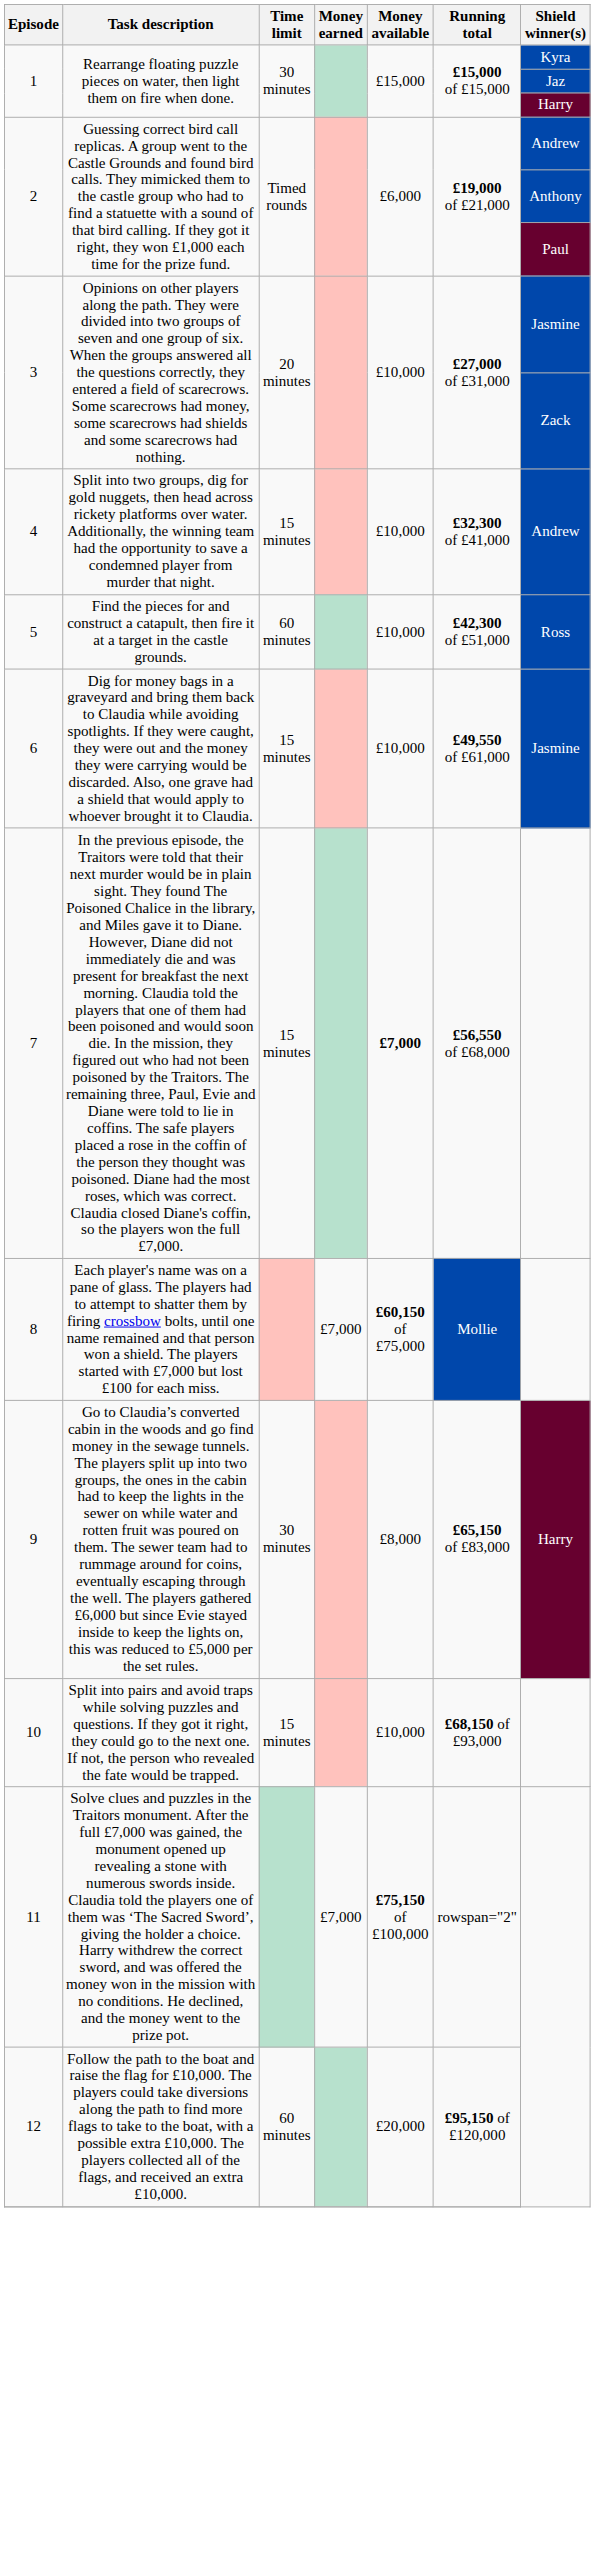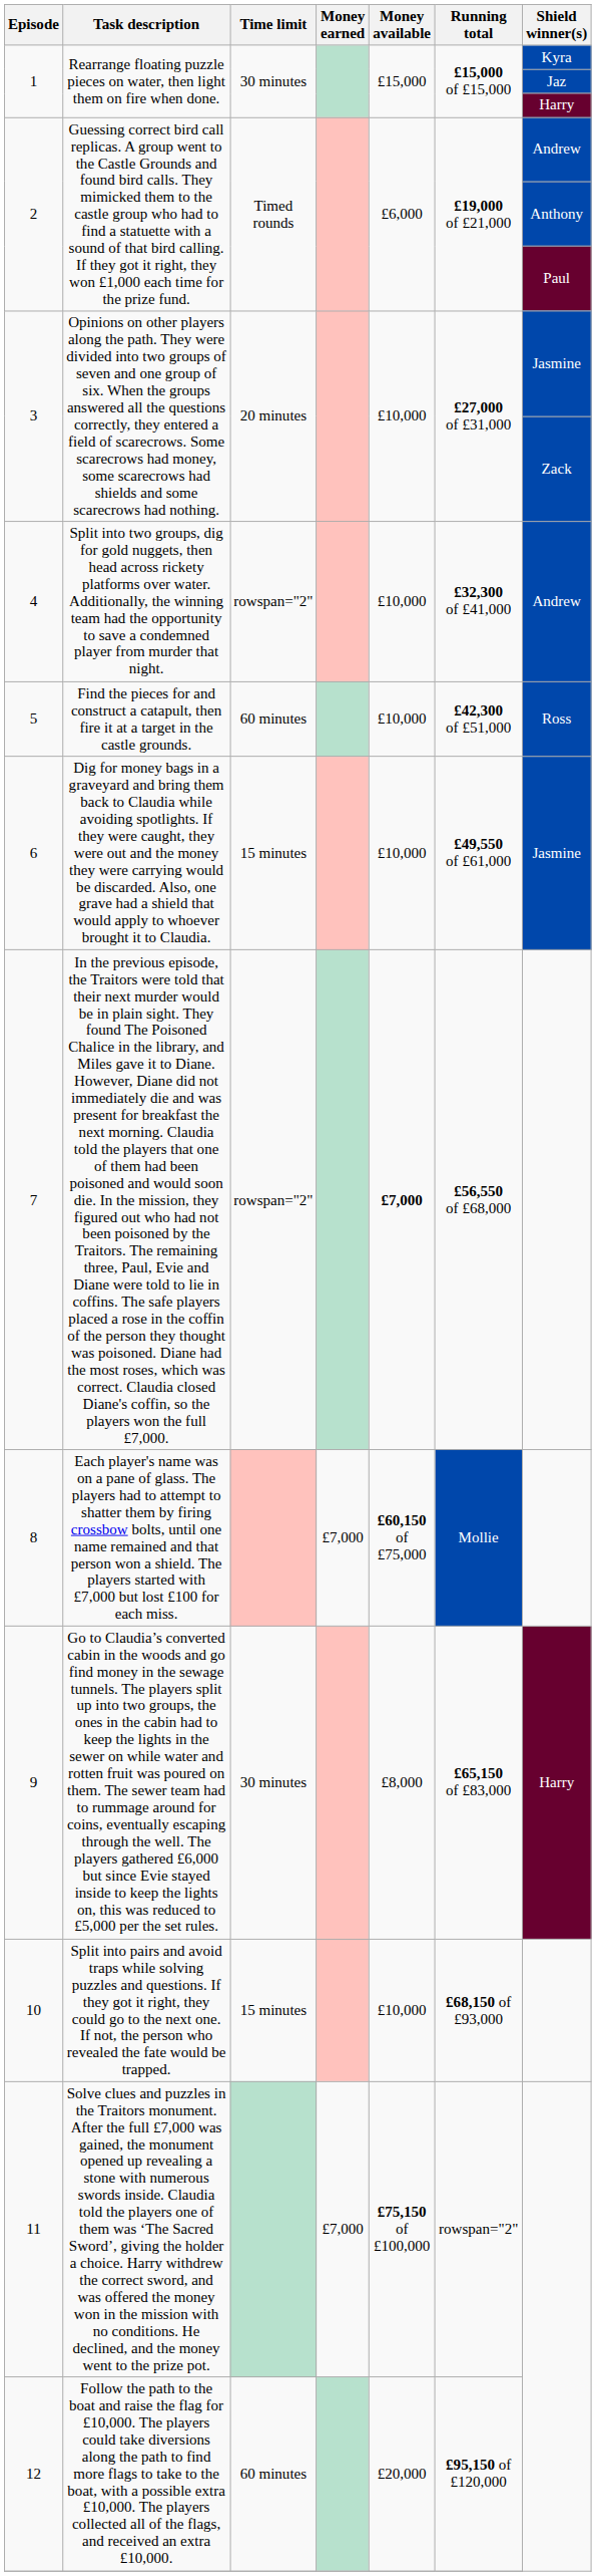 <table class="wikitable" style="margin:auto; text-align:center">
 <tr>
 <th>Episode</th>
 <th>Task description</th>
 <th>Time limit</th>
 <th>Money earned</th>
 <th>Money available</th>
 <th>Running total</th>
 <th>Shield winner(s)</th>
 </tr>
 <tr>
 <td rowspan="3">1</td>
 <td rowspan="3">Rearrange floating puzzle pieces on water, then light them on fire when done.</td>
 <td rowspan="3">30 minutes</td>
 <td style="background:#B7E1CD" align="center" rowspan="3"></td>
 <td rowspan="3">£15,000</td>
 <td rowspan="3"><strong>£15,000</strong><br>of £15,000</td>
 <td bgcolor="#0047AB" span style="color:#FFFFFF">Kyra</td>
 </tr>
 <tr>
 <td bgcolor="#0047AB" span style="color:#FFFFFF">Jaz</td>
 </tr>
 <tr>
 <td bgcolor="#67002F" span style="color:#FFFFFF">Harry</td>
 </tr>
 <tr>
 <td rowspan="3">2</td>
 <td rowspan="3">Guessing correct bird call replicas. A group went to the Castle Grounds and found bird calls. They mimicked them to the castle group who had to find a statuette with a sound of that bird calling. If they got it right, they won £1,000 each time for the prize fund.</td>
 <td rowspan="3">Timed rounds</td>
 <td style="background:#FFC2BD" align="center" rowspan="3"></td>
 <td rowspan="3">£6,000</td>
 <td rowspan="3"><strong>£19,000</strong><br>of £21,000</td>
 <td bgcolor="#0047AB" span style="color:#FFFFFF">Andrew</td>
 </tr>
 <tr>
 <td bgcolor="#0047AB" span style="color:#FFFFFF">Anthony</td>
 </tr>
 <tr>
 <td bgcolor="#67002F" span style="color:#FFFFFF">Paul</td>
 </tr>
 <tr>
 <td rowspan="2">3</td>
 <td rowspan="2">Opinions on other players along the path. They were divided into two groups of seven and one group of six. When the groups answered all the questions correctly, they entered a field of scarecrows. Some scarecrows had money, some scarecrows had shields and some scarecrows had nothing.</td>
 <td rowspan="2">20 minutes</td>
 <td style="background:#FFC2BD" align="center" rowspan="2"></td>
 <td rowspan="2">£10,000</td>
 <td rowspan="2"><strong>£27,000</strong><br>of £31,000</td>
 <td bgcolor="#0047AB" span style="color:#FFFFFF">Jasmine</td>
 </tr>
 <tr>
 <td bgcolor="#0047AB" span style="color:#FFFFFF">Zack</td>
 </tr>
 <tr>
 <td>4</td>
 <td>Split into two groups, dig for gold nuggets, then head across rickety platforms over water. Additionally, the winning team had the opportunity to save a condemned player from murder that night.</td>
-<td>15 minutes</td>
+<td>rowspan="2" </td>
 <td style="background:#FFC2BD" align="center"></td>
 <td>£10,000</td>
 <td><strong>£32,300</strong><br>of £41,000</td>
 <td bgcolor="#0047AB" span style="color:#FFFFFF">Andrew</td>
 </tr>
 <tr>
 <td>5</td>
 <td>Find the pieces for and construct a catapult, then fire it at a target in the castle grounds.</td>
 <td>60 minutes</td>
 <td style="background:#B7E1CD" align="center"></td>
 <td>£10,000</td>
 <td><strong>£42,300</strong><br>of £51,000</td>
 <td bgcolor="#0047AB" span style="color:#FFFFFF">Ross</td>
 </tr>
 <tr>
 <td>6</td>
 <td>Dig for money bags in a graveyard and bring them back to Claudia while avoiding spotlights. If they were caught, they were out and the money they were carrying would be discarded. Also, one grave had a shield that would apply to whoever brought it to Claudia.</td>
 <td>15 minutes</td>
 <td style="background:#FFC2BD" align="center"></td>
 <td>£10,000</td>
 <td><strong>£49,550</strong><br>of £61,000</td>
 <td bgcolor="#0047AB" span style="color:#FFFFFF">Jasmine</td>
 </tr>
 <tr>
 <td>7</td>
 <td>In the previous episode, the Traitors were told that their next murder would be in plain sight. They found The Poisoned Chalice in the library, and Miles gave it to Diane. However, Diane did not immediately die and was present for breakfast the next morning. Claudia told the players that one of them had been poisoned and would soon die. In the mission, they figured out who had not been poisoned by the Traitors. The remaining three, Paul, Evie and Diane were told to lie in coffins. The safe players placed a rose in the coffin of the person they thought was poisoned. Diane had the most roses, which was correct. Claudia closed Diane's coffin, so the players won the full £7,000.</td>
-<td>15 minutes</td>
+<td>rowspan="2" </td>
 <td style="background:#B7E1CD" align="center"></td>
 <td><strong>£7,000</strong></td>
 <td><strong>£56,550</strong><br> of £68,000</td>
 <td></td>
 </tr>
 <tr>
 <td>8</td>
 <td>Each player's name was on a pane of glass. The players had to attempt to shatter them by firing <a href='#'>crossbow</a> bolts, until one name remained and that person won a shield. The players started with £7,000 but lost £100 for each miss.</td>
 <td style="background:#FFC2BD" align="center"></td>
 <td>£7,000</td>
 <td><strong>£60,150</strong><br> of £75,000</td>
 <td bgcolor="#0047AB" span style="color:#FFFFFF">Mollie</td>
 </tr>
 <tr>
 <td>9</td>
 <td>Go to Claudia’s converted cabin in the woods and go find money in the sewage tunnels. The players split up into two groups, the ones in the cabin had to keep the lights in the sewer on while water and rotten fruit was poured on them. The sewer team had to rummage around for coins, eventually escaping through the well. The players gathered £6,000 but since Evie stayed inside to keep the lights on, this was reduced to £5,000 per the set rules.</td>
 <td>30 minutes</td>
 <td style="background:#FFC2BD" align="center"></td>
 <td>£8,000</td>
 <td><strong>£65,150</strong><br> of £83,000</td>
 <td bgcolor="#67002F" span style="color:#FFFFFF">Harry</td>
 </tr>
 <tr>
 <td>10</td>
 <td>Split into pairs and avoid traps while solving puzzles and questions. If they got it right, they could go to the next one. If not, the person who revealed the fate would be trapped.</td>
 <td>15 minutes</td>
 <td style="background:#FFC2BD" align="center"></td>
 <td>£10,000</td>
 <td><strong>£68,150</strong> of £93,000</td>
 <td></td>
 </tr>
 <tr>
 <td>11</td>
 <td>Solve clues and puzzles in the Traitors monument. After the full £7,000 was gained, the monument opened up revealing a stone with numerous swords inside. Claudia told the players one of them was ‘The Sacred Sword’, giving the holder a choice. Harry withdrew the correct sword, and was offered the money won in the mission with no conditions. He declined, and the money went to the prize pot.</td>
 <td style="background:#B7E1CD" align="center"></td>
 <td>£7,000</td>
 <td><strong>£75,150</strong> of £100,000</td>
 <td>rowspan="2" </td>
 </tr>
 <tr>
 <td>12</td>
 <td>Follow the path to the boat and raise the flag for £10,000. The players could take diversions along the path to find more flags to take to the boat, with a possible extra £10,000. The players collected all of the flags, and received an extra £10,000.</td>
 <td>60 minutes</td>
 <td style="background:#B7E1CD" align="center"></td>
 <td>£20,000</td>
 <td><strong>£95,150</strong> of £120,000</td>
 </tr>
 <tr>
 </tr>
 </table>
